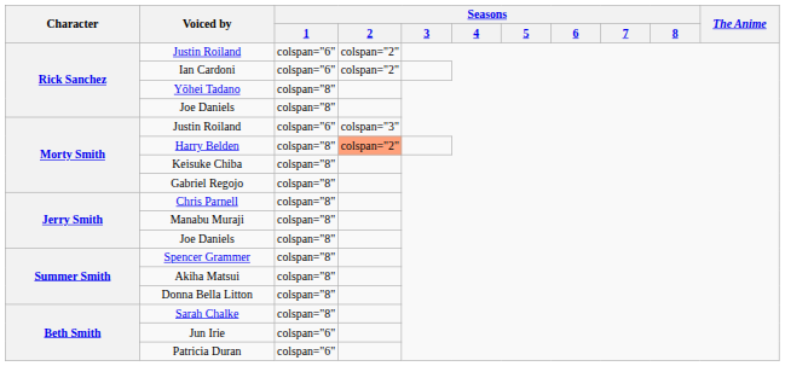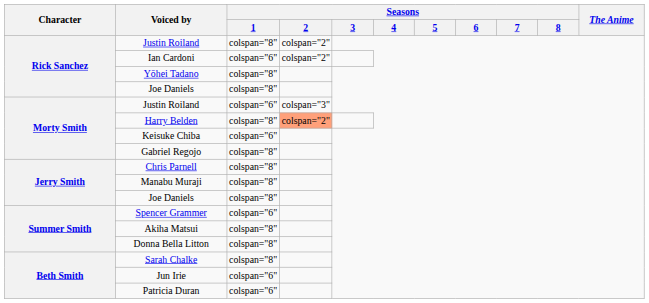 <table class="wikitable plainrowheaders" style="text-align:center;">
 <tr>
 <th scope="col" rowspan="2" style="width:175px;">Character</th>
 <th scope="col" rowspan="2" style="width:175px;">Voiced by</th>
 <th scope="col" colspan="8"><a href='#'>Seasons</a></th>
 <th scope="col" rowspan="2" style="width:100px;"><a href='#'><em>The Anime</em></a></th>
 </tr>
 <tr>
 <th scope="col" style="width:60px;"><a href='#'>1</a></th>
 <th scope="col" style="width:60px;"><a href='#'>2</a></th>
 <th scope="col" style="width:60px;"><a href='#'>3</a></th>
 <th scope="col" style="width:60px;"><a href='#'>4</a></th>
 <th scope="col" style="width:60px;"><a href='#'>5</a></th>
 <th scope="col" style="width:60px;"><a href='#'>6</a></th>
 <th scope="col" style="width:60px;"><a href='#'>7</a></th>
 <th scope="col" style="width:60px;"><a href='#'>8</a></th>
 </tr>
 <tr>
 <th rowspan="4" scope="row"><a href='#'>Rick Sanchez</a></th>
 <td><a href='#'>Justin Roiland</a></td>
-<td>colspan="6" </td>
+<td>colspan="8" </td>
 <td>colspan="2" </td>
 </tr>
 <tr>
 <td>Ian Cardoni</td>
 <td>colspan="6" </td>
 <td>colspan="2" </td>
 <td></td>
 </tr>
 <tr>
 <td><a href='#'>Yōhei Tadano</a></td>
 <td>colspan="8" </td>
 <td></td>
 </tr>
 <tr>
 <td>Joe Daniels</td>
 <td>colspan="8" </td>
 <td></td>
 </tr>
 <tr>
 <th rowspan="4" scope="row"><a href='#'>Morty Smith</a></th>
 <td>Justin Roiland</td>
 <td>colspan="6" </td>
 <td>colspan="3" </td>
 </tr>
 <tr>
 <td><a href='#'>Harry Belden</a></td>
 <td>colspan="8" </td>
 <td style="background: lightsalmon;">colspan="2" </td>
 <td></td>
 </tr>
 <tr>
 <td>Keisuke Chiba</td>
-<td>colspan="8" </td>
+<td>colspan="6" </td>
 <td></td>
 </tr>
 <tr>
 <td>Gabriel Regojo</td>
 <td>colspan="8" </td>
 <td></td>
 </tr>
 <tr>
 <th rowspan="3" scope="row"><a href='#'>Jerry Smith</a></th>
 <td><a href='#'>Chris Parnell</a></td>
 <td>colspan="8" </td>
 <td></td>
 </tr>
 <tr>
 <td>Manabu Muraji</td>
 <td>colspan="8" </td>
 <td></td>
 </tr>
 <tr>
 <td>Joe Daniels</td>
 <td>colspan="8" </td>
 <td></td>
 </tr>
 <tr>
 <th rowspan="3" scope="row"><a href='#'>Summer Smith</a></th>
 <td><a href='#'>Spencer Grammer</a></td>
-<td>colspan="8" </td>
+<td>colspan="6" </td>
 <td></td>
 </tr>
 <tr>
 <td>Akiha Matsui</td>
 <td>colspan="8" </td>
 <td></td>
 </tr>
 <tr>
 <td>Donna Bella Litton</td>
 <td>colspan="8" </td>
 <td></td>
 </tr>
 <tr>
 <th rowspan="3" scope="row"><a href='#'>Beth Smith</a></th>
 <td><a href='#'>Sarah Chalke</a></td>
 <td>colspan="8" </td>
 <td></td>
 </tr>
 <tr>
 <td>Jun Irie</td>
 <td>colspan="6" </td>
 <td></td>
 </tr>
 <tr>
 <td>Patricia Duran</td>
 <td>colspan="6" </td>
 <td></td>
 </tr>
 </table>
